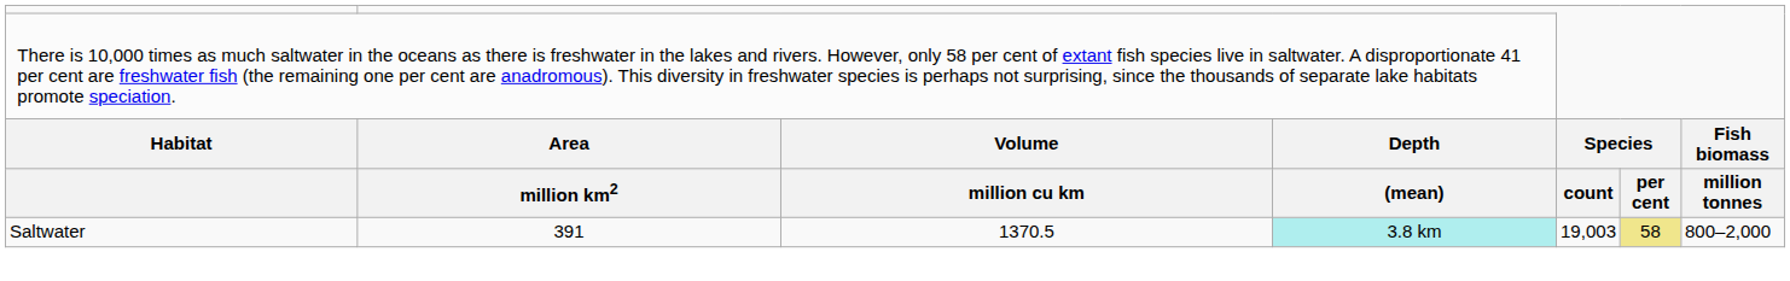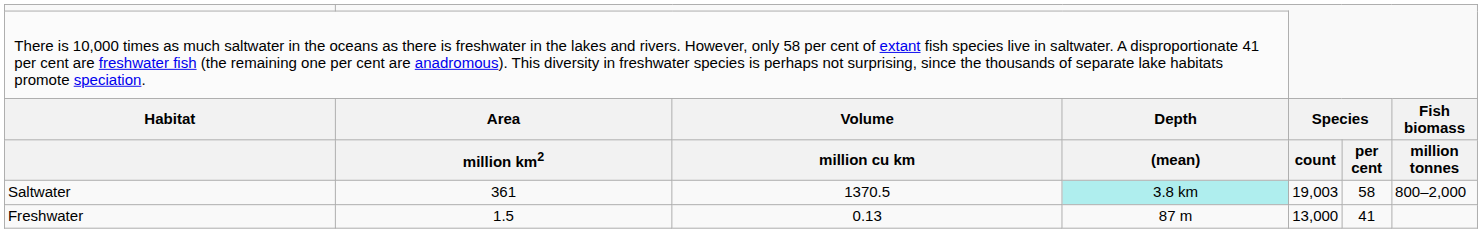 <table class="wikitable">
 <tr>
 <td style="background:"></td>
 </tr>
 <tr>
 <td colspan="4"  style="background:#fbfbfb; padding:10px;"><br>There is 10,000 times as much saltwater in the oceans as there is freshwater in the lakes and rivers. However, only 58 per cent of <a href='#'>extant</a> fish species live in saltwater. A disproportionate 41 per cent are <a href='#'>freshwater fish</a> (the remaining one per cent are <a href='#'>anadromous</a>). This diversity in freshwater species is perhaps not surprising, since the thousands of separate lake habitats promote <a href='#'>speciation</a>.</td>
 </tr>
 <tr>
 <th>Habitat</th>
 <th>Area</th>
 <th>Volume</th>
 <th>Depth</th>
 <th colspan=2>Species</th>
 <th>Fish biomass</th>
 </tr>
 <tr>
 <th></th>
 <th>million km<sup>2</sup></th>
 <th>million cu km</th>
 <th>(mean)</th>
 <th>count</th>
 <th>per cent</th>
 <th>million tonnes</th>
 </tr>
 <tr>
 <td>Saltwater</td>
-<td align="center">391</td>
+<td align="center">361</td>
 <td align="center">1370.5</td>
 <td align="center" style="background: paleturquoise;">3.8 km</td>
 <td align="center">19,003</td>
-<td align="center" style="background: khaki;">58</td>
+<td align="center">58</td>
 <td>800–2,000</td>
 </tr>
+<tr>
+<td>Freshwater</td>
+<td align="center">1.5</td>
+<td align="center">0.13</td>
+<td align="center">87 m</td>
+<td align="center">13,000</td>
+<td align="center">41</td>
+<td></td>
+</tr>
 </table>
